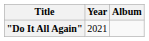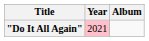 <table class="wikitable plainrowheaders" style="text-align:center;">
 <tr>
 <th scope="col" rowspan="1">Title</th>
 <th scope="col" rowspan="1">Year</th>
 <th scope="col" rowspan="1">Album</th>
 </tr>
 <tr>
 <th scope="row">"Do It All Again"<br></th>
-<td>2021</td>
+<td style="background: pink;">2021</td>
 <td></td>
 </tr>
 </table>
